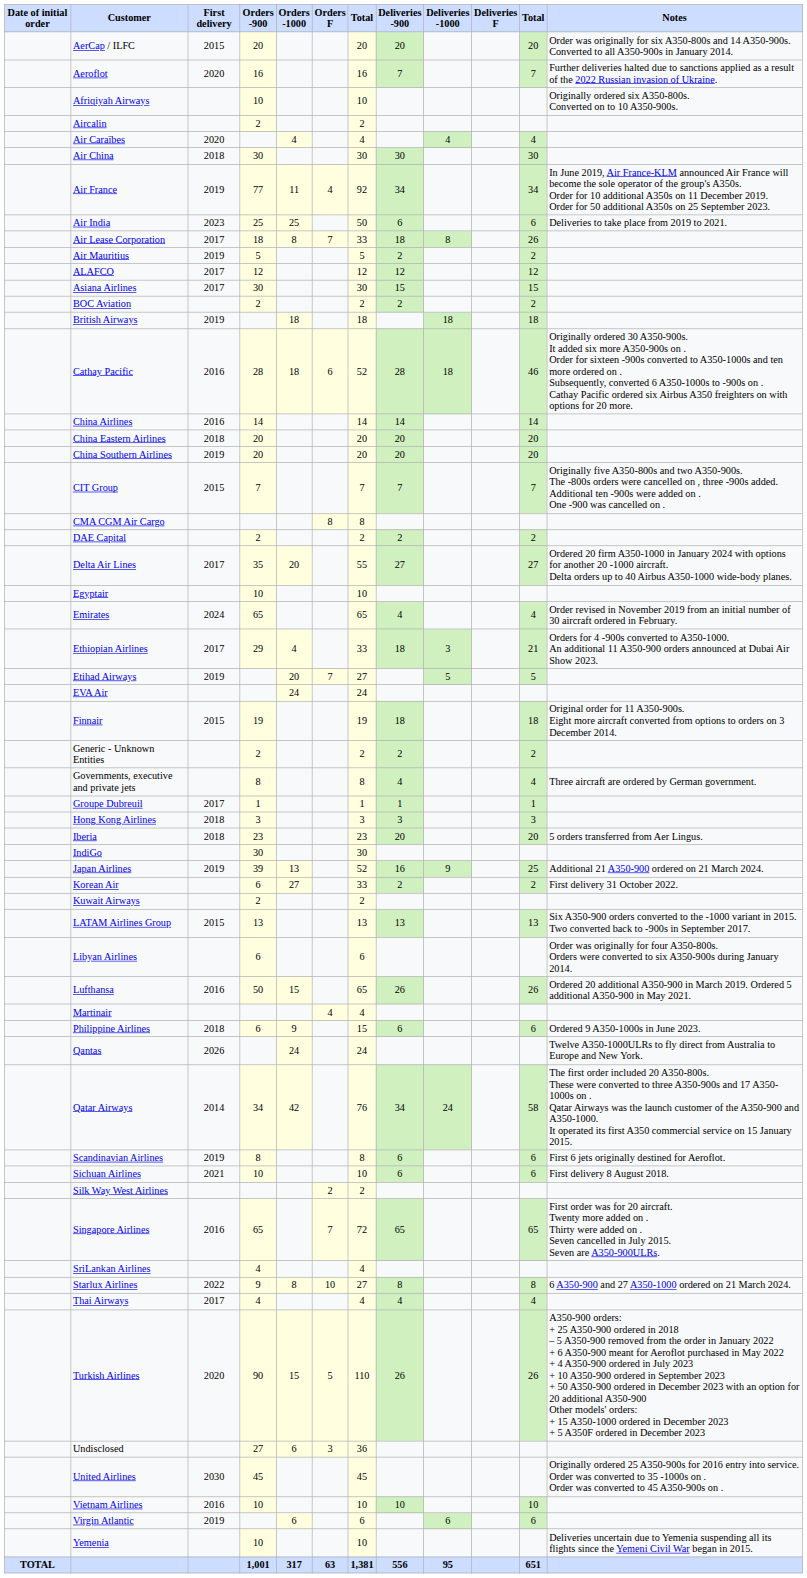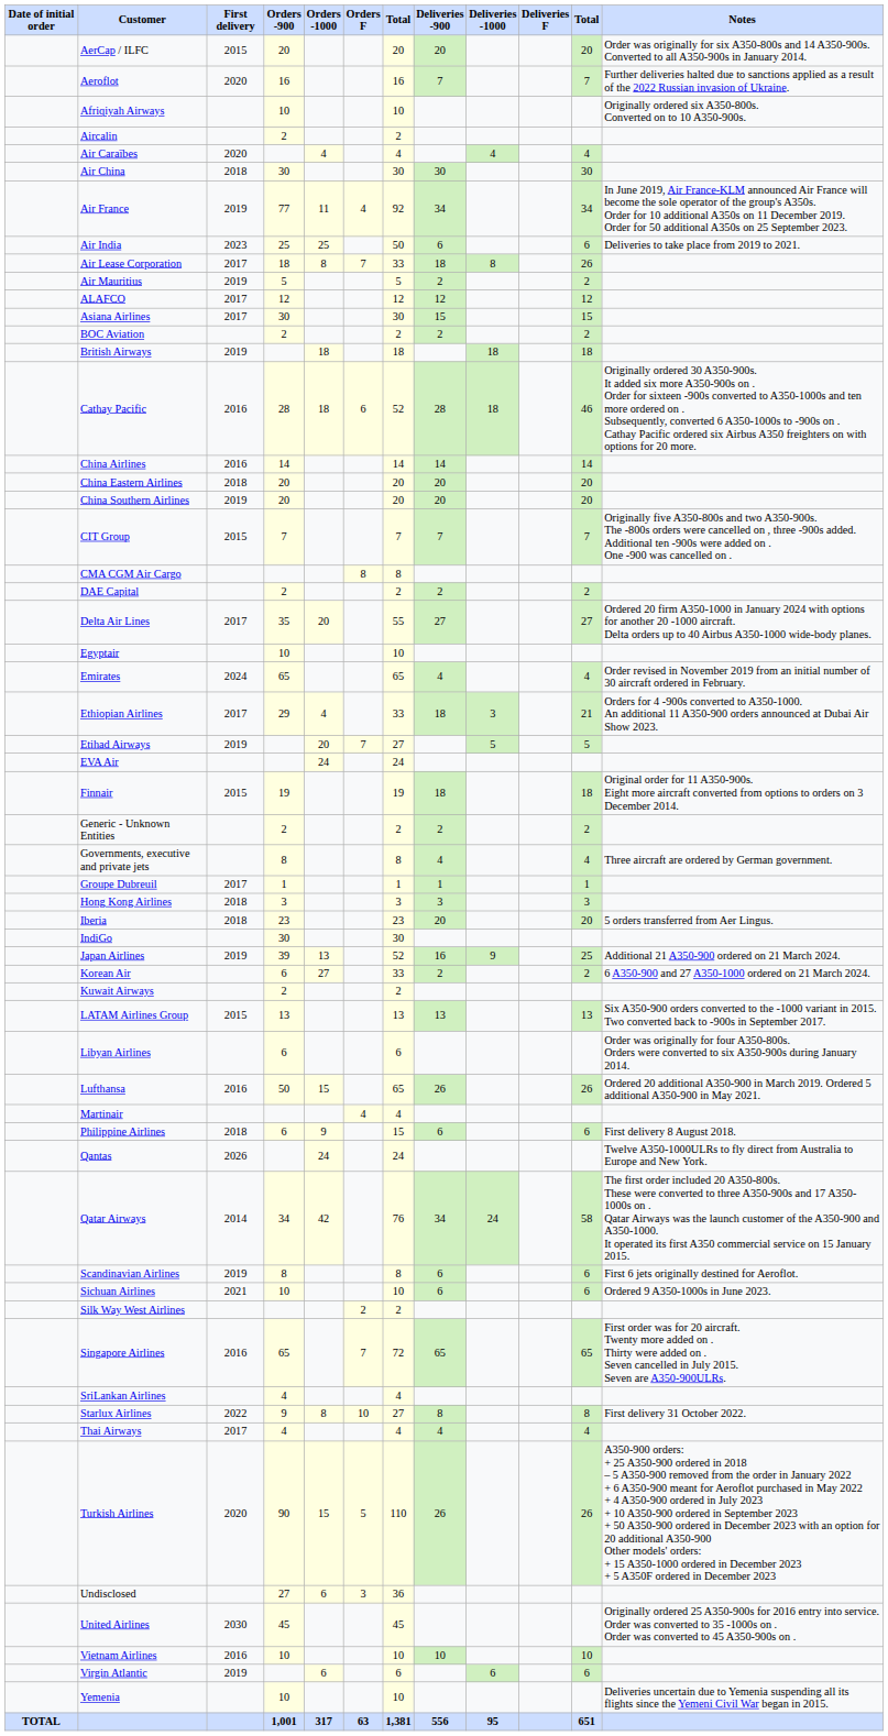 <table class="wikitable sortable sticky-header" style="text-align:center;background:#f8f9faff;">
 <tr>
 <th style="background-color:#ccddff">Date of initial order</th>
 <th style="background-color:#ccddff">Customer</th>
 <th style="background-color:#ccddff">First delivery</th>
 <th style="background-color:#ccddff">Orders<br>-900</th>
 <th style="background-color:#ccddff">Orders<br>-1000</th>
 <th style="background-color:#ccddff">Orders<br>F</th>
 <th style="background-color:#ccddff">Total</th>
 <th style="background-color:#ccddff">Deliveries<br>-900</th>
 <th style="background-color:#ccddff">Deliveries<br>-1000</th>
 <th style="background-color:#ccddff">Deliveries<br>F</th>
 <th style="background-color:#ccddff">Total</th>
 <th style="background-color:#ccddff">Notes</th>
 </tr>
 <tr>
 <td></td>
 <td align="left"><a href='#'>AerCap</a> / ILFC</td>
 <td>2015</td>
 <td style="background:lightyellow;">20</td>
 <td></td>
 <td></td>
 <td style="background:lightyellow;">20</td>
 <td style="background:#d0f0c0;">20</td>
 <td></td>
 <td></td>
 <td style="background:#d0f0c0;">20</td>
 <td align="left">Order was originally for six A350-800s and 14 A350-900s.<br>Converted to all A350-900s in January 2014.</td>
 </tr>
 <tr>
 <td></td>
 <td align="left"><a href='#'>Aeroflot</a></td>
 <td>2020</td>
 <td style="background:lightyellow;">16</td>
 <td></td>
 <td></td>
 <td style="background:lightyellow;">16</td>
 <td style="background:#d0f0c0;">7</td>
 <td></td>
 <td></td>
 <td style="background:#d0f0c0;">7</td>
 <td align="left">Further deliveries halted due to sanctions applied as a result of the <a href='#'>2022 Russian invasion of Ukraine</a>.</td>
 </tr>
 <tr>
 <td></td>
 <td align="left"><a href='#'>Afriqiyah Airways</a></td>
 <td></td>
 <td style="background:lightyellow;">10</td>
 <td></td>
 <td></td>
 <td style="background:lightyellow;">10</td>
 <td></td>
 <td></td>
 <td></td>
 <td></td>
 <td align="left">Originally ordered six A350-800s.<br>Converted on  to 10 A350-900s.</td>
 </tr>
 <tr>
 <td></td>
 <td align="left"><a href='#'>Aircalin</a></td>
 <td></td>
 <td style="background:lightyellow;">2</td>
 <td></td>
 <td></td>
 <td style="background:lightyellow;">2</td>
 <td></td>
 <td></td>
 <td></td>
 <td></td>
 <td></td>
 </tr>
 <tr>
 <td></td>
 <td align="left"><a href='#'>Air Caraïbes</a></td>
 <td>2020</td>
 <td></td>
 <td style="background:lightyellow;">4</td>
 <td></td>
 <td style="background:lightyellow;">4</td>
 <td></td>
 <td style="background:#d0f0c0;">4</td>
 <td></td>
 <td style="background:#d0f0c0;">4</td>
 <td align="left"></td>
 </tr>
 <tr>
 <td></td>
 <td align="left"><a href='#'>Air China</a></td>
 <td>2018</td>
 <td style="background:lightyellow;">30</td>
 <td></td>
 <td></td>
 <td style="background:lightyellow;">30</td>
 <td style="background:#d0f0c0;">30</td>
 <td></td>
 <td></td>
 <td style="background:#d0f0c0;">30</td>
 <td align="left"></td>
 </tr>
 <tr>
 <td></td>
 <td align="left"><a href='#'>Air France</a></td>
 <td>2019</td>
 <td style="background:lightyellow;">77</td>
 <td style="background:lightyellow;">11</td>
 <td style="background:lightyellow;">4</td>
 <td style="background:lightyellow;">92</td>
 <td style="background:#d0f0c0;">34</td>
 <td></td>
 <td></td>
 <td style="background:#d0f0c0;">34</td>
 <td align="left">In June 2019, <a href='#'>Air France-KLM</a> announced Air France will become the sole operator of the group's A350s.<br>Order for 10 additional A350s on 11 December 2019.<br>Order for 50 additional A350s on 25 September 2023.</td>
 </tr>
 <tr>
 <td></td>
 <td align="left"><a href='#'>Air India</a></td>
 <td>2023</td>
 <td style="background:lightyellow;">25</td>
 <td style="background:lightyellow;">25</td>
 <td></td>
 <td style="background:lightyellow;">50</td>
 <td style="background:#d0f0c0;">6</td>
 <td></td>
 <td></td>
 <td style="background:#d0f0c0;">6</td>
 <td align="left">Deliveries to take place from 2019 to 2021.</td>
 </tr>
 <tr>
 <td></td>
 <td align="left"><a href='#'>Air Lease Corporation</a></td>
 <td>2017</td>
 <td style="background:lightyellow;">18</td>
 <td style="background:lightyellow;">8</td>
 <td style="background:lightyellow;">7</td>
 <td style="background:lightyellow;">33</td>
 <td style="background:#d0f0c0;">18</td>
 <td style="background:#d0f0c0;">8</td>
 <td></td>
 <td style="background:#d0f0c0;">26</td>
 <td align="left"></td>
 </tr>
 <tr>
 <td></td>
 <td align="left"><a href='#'>Air Mauritius</a></td>
 <td>2019</td>
 <td style="background:lightyellow;">5</td>
 <td></td>
 <td></td>
 <td style="background:lightyellow;">5</td>
 <td style="background:#d0f0c0;">2</td>
 <td></td>
 <td></td>
 <td style="background:#d0f0c0;">2</td>
 <td align="left"></td>
 </tr>
 <tr>
 <td></td>
 <td align="left"><a href='#'>ALAFCO</a></td>
 <td>2017</td>
 <td style="background:lightyellow;">12</td>
 <td></td>
 <td></td>
 <td style="background:lightyellow;">12</td>
 <td style="background:#d0f0c0;">12</td>
 <td></td>
 <td></td>
 <td style="background:#d0f0c0;">12</td>
 <td align="left"></td>
 </tr>
 <tr>
 <td></td>
 <td align="left"><a href='#'>Asiana Airlines</a></td>
 <td>2017</td>
 <td style="background:lightyellow;">30</td>
 <td></td>
 <td></td>
 <td style="background:lightyellow;">30</td>
 <td style="background:#d0f0c0;">15</td>
 <td></td>
 <td></td>
 <td style="background:#d0f0c0;">15</td>
 <td align="left"></td>
 </tr>
 <tr>
 <td></td>
 <td align="left"><a href='#'>BOC Aviation</a></td>
 <td></td>
 <td style="background:lightyellow;">2</td>
 <td></td>
 <td></td>
 <td style="background:lightyellow;">2</td>
 <td style="background:#d0f0c0;">2</td>
 <td></td>
 <td></td>
 <td style="background:#d0f0c0;">2</td>
 <td align="left"></td>
 </tr>
 <tr>
 <td></td>
 <td align="left"><a href='#'>British Airways</a></td>
 <td>2019</td>
 <td></td>
 <td style="background:lightyellow;">18</td>
 <td></td>
 <td style="background:lightyellow;">18</td>
 <td></td>
 <td style="background:#d0f0c0;">18</td>
 <td></td>
 <td style="background:#d0f0c0;">18</td>
 <td align="left"></td>
 </tr>
 <tr>
 <td></td>
 <td align="left"><a href='#'>Cathay Pacific</a></td>
 <td>2016</td>
 <td style="background:lightyellow;">28</td>
 <td style="background:lightyellow;">18</td>
 <td style="background:lightyellow;">6</td>
 <td style="background:lightyellow;">52</td>
 <td style="background:#d0f0c0;">28</td>
 <td style="background:#d0f0c0;">18</td>
 <td></td>
 <td style="background:#d0f0c0;">46</td>
 <td align="left">Originally ordered 30 A350-900s.<br>It added six more A350-900s on .<br>Order for sixteen -900s converted to A350-1000s and ten more ordered on .<br>Subsequently, converted 6 A350-1000s to -900s on .<br>Cathay Pacific ordered six Airbus A350 freighters on  with options for 20 more.</td>
 </tr>
 <tr>
 <td></td>
 <td align="left"><a href='#'>China Airlines</a></td>
 <td>2016</td>
 <td style="background:lightyellow;">14</td>
 <td></td>
 <td></td>
 <td style="background:lightyellow;">14</td>
 <td style="background:#d0f0c0;">14</td>
 <td></td>
 <td></td>
 <td style="background:#d0f0c0;">14</td>
 <td align="left"></td>
 </tr>
 <tr>
 <td></td>
 <td align="left"><a href='#'>China Eastern Airlines</a></td>
 <td>2018</td>
 <td style="background:lightyellow;">20</td>
 <td></td>
 <td></td>
 <td style="background:lightyellow;">20</td>
 <td style="background:#d0f0c0;">20</td>
 <td></td>
 <td></td>
 <td style="background:#d0f0c0;">20</td>
 <td align="left"></td>
 </tr>
 <tr>
 <td></td>
 <td align="left"><a href='#'>China Southern Airlines</a></td>
 <td>2019</td>
 <td style="background:lightyellow;">20</td>
 <td></td>
 <td></td>
 <td style="background:lightyellow;">20</td>
 <td style="background:#d0f0c0;">20</td>
 <td></td>
 <td></td>
 <td style="background:#d0f0c0;">20</td>
 <td align="left"></td>
 </tr>
 <tr>
 <td></td>
 <td align="left"><a href='#'>CIT Group</a></td>
 <td>2015</td>
 <td style="background:lightyellow;">7</td>
 <td></td>
 <td></td>
 <td style="background:lightyellow;">7</td>
 <td style="background:#d0f0c0;">7</td>
 <td></td>
 <td></td>
 <td style="background:#d0f0c0;">7</td>
 <td align="left">Originally five A350-800s and two A350-900s.<br>The -800s orders were cancelled on , three -900s added.<br>Additional ten -900s were added on .<br>One -900 was cancelled on .</td>
 </tr>
 <tr>
 <td></td>
 <td align="left"><a href='#'>CMA CGM Air Cargo</a></td>
 <td></td>
 <td></td>
 <td></td>
 <td style="background:lightyellow;">8</td>
 <td style="background:lightyellow;">8</td>
 <td></td>
 <td></td>
 <td></td>
 <td></td>
 <td align="left"></td>
 </tr>
 <tr>
 <td></td>
 <td align="left"><a href='#'>DAE Capital</a></td>
 <td></td>
 <td style="background:lightyellow;">2</td>
 <td></td>
 <td></td>
 <td style="background:lightyellow;">2</td>
 <td style="background:#d0f0c0;">2</td>
 <td></td>
 <td></td>
 <td style="background:#d0f0c0;">2</td>
 <td align="left"></td>
 </tr>
 <tr>
 <td></td>
 <td align="left"><a href='#'>Delta Air Lines</a></td>
 <td>2017</td>
 <td style="background:lightyellow;">35</td>
 <td of style="background:lightyellow;">20</td>
 <td></td>
 <td style="background:lightyellow;">55</td>
 <td style="background:#d0f0c0;">27</td>
 <td></td>
 <td></td>
 <td style="background:#d0f0c0;">27</td>
 <td align="left">Ordered 20 firm A350-1000 in January 2024 with options for another 20 -1000 aircraft.<br>Delta orders up to 40 Airbus A350-1000 wide-body planes.</td>
 </tr>
 <tr>
 <td></td>
 <td align="left"><a href='#'>Egyptair</a></td>
 <td></td>
 <td style="background:lightyellow;">10</td>
 <td></td>
 <td></td>
 <td style="background:lightyellow;">10</td>
 <td></td>
 <td></td>
 <td></td>
 <td></td>
 <td></td>
 </tr>
 <tr>
 <td></td>
 <td align="left"><a href='#'>Emirates</a></td>
 <td>2024</td>
 <td style="background:lightyellow;">65</td>
 <td></td>
 <td></td>
 <td style="background:lightyellow;">65</td>
 <td style="background:#d0f0c0;">4</td>
 <td></td>
 <td></td>
 <td style="background:#d0f0c0;">4</td>
 <td align="left">Order revised in November 2019 from an initial number of 30 aircraft ordered in February.</td>
 </tr>
 <tr>
 <td></td>
 <td align="left"><a href='#'>Ethiopian Airlines</a></td>
 <td>2017</td>
 <td style="background:lightyellow;">29</td>
 <td style="background:lightyellow;">4</td>
 <td></td>
 <td style="background:lightyellow;">33</td>
 <td style="background:#d0f0c0;">18</td>
 <td style="background:#d0f0c0;">3</td>
 <td></td>
 <td style="background:#d0f0c0;">21</td>
 <td align="left">Orders for 4 -900s converted to A350-1000.<br>An additional 11 A350-900 orders announced at Dubai Air Show 2023.</td>
 </tr>
 <tr>
 <td></td>
 <td align="left"><a href='#'>Etihad Airways</a></td>
 <td>2019</td>
 <td></td>
 <td style="background:lightyellow;">20</td>
 <td style="background:lightyellow;">7</td>
 <td style="background:lightyellow;">27</td>
 <td></td>
 <td style="background:#d0f0c0;">5</td>
 <td></td>
 <td style="background:#d0f0c0;">5</td>
 <td align="left"></td>
 </tr>
 <tr>
 <td></td>
 <td align="left"><a href='#'>EVA Air</a></td>
 <td></td>
 <td></td>
 <td style="background:lightyellow;">24</td>
 <td></td>
 <td style="background:lightyellow;">24</td>
 <td></td>
 <td></td>
 <td></td>
 <td></td>
 <td></td>
 </tr>
 <tr>
 <td></td>
 <td align="left"><a href='#'>Finnair</a></td>
 <td>2015</td>
 <td style="background:lightyellow;">19</td>
 <td></td>
 <td></td>
 <td style="background:lightyellow;">19</td>
 <td style="background:#d0f0c0;">18</td>
 <td></td>
 <td></td>
 <td style="background:#d0f0c0;">18</td>
 <td align="left">Original order for 11 A350-900s.<br>Eight more aircraft converted from options to orders on 3 December 2014.</td>
 </tr>
 <tr>
 <td></td>
 <td align="left">Generic - Unknown Entities</td>
 <td></td>
 <td style="background:lightyellow;">2</td>
 <td></td>
 <td></td>
 <td style="background:lightyellow;">2</td>
 <td style="background:#d0f0c0;">2</td>
 <td></td>
 <td></td>
 <td style="background:#d0f0c0;">2</td>
 <td></td>
 </tr>
 <tr>
 <td></td>
 <td align="left">Governments, executive and private jets</td>
 <td></td>
 <td style="background:lightyellow;">8</td>
 <td></td>
 <td></td>
 <td style="background:lightyellow;">8</td>
 <td style="background:#d0f0c0;">4</td>
 <td></td>
 <td></td>
 <td style="background:#d0f0c0;">4</td>
 <td align="left">Three aircraft are ordered by German government.</td>
 </tr>
 <tr>
 <td></td>
 <td align="left"><a href='#'>Groupe Dubreuil</a></td>
 <td>2017</td>
 <td style="background:lightyellow;">1</td>
 <td></td>
 <td></td>
 <td style="background:lightyellow;">1</td>
 <td style="background:#d0f0c0;">1</td>
 <td></td>
 <td></td>
 <td style="background:#d0f0c0;">1</td>
 <td align="left"></td>
 </tr>
 <tr>
 <td></td>
 <td align="left"><a href='#'>Hong Kong Airlines</a></td>
 <td>2018</td>
 <td style="background:lightyellow;">3</td>
 <td></td>
 <td></td>
 <td style="background:lightyellow;">3</td>
 <td style="background:#d0f0c0;">3</td>
 <td></td>
 <td></td>
 <td style="background:#d0f0c0;">3</td>
 <td align="left"></td>
 </tr>
 <tr>
 <td></td>
 <td align="left"><a href='#'>Iberia</a></td>
 <td>2018</td>
 <td style="background:lightyellow;">23</td>
 <td></td>
 <td></td>
 <td style="background:lightyellow;">23</td>
 <td style="background:#d0f0c0;">20</td>
 <td></td>
 <td></td>
 <td style="background:#d0f0c0;">20</td>
 <td align="left">5 orders transferred from Aer Lingus.</td>
 </tr>
 <tr>
 <td></td>
 <td align="left"><a href='#'>IndiGo</a></td>
 <td></td>
 <td style="background:lightyellow;">30</td>
 <td></td>
 <td></td>
 <td style="background:lightyellow;">30</td>
 <td></td>
 <td></td>
 <td></td>
 <td></td>
 <td></td>
 </tr>
 <tr>
 <td></td>
 <td align="left"><a href='#'>Japan Airlines</a></td>
 <td>2019</td>
 <td style="background:lightyellow;">39</td>
 <td style="background:lightyellow;">13</td>
 <td></td>
 <td style="background:lightyellow;">52</td>
 <td style="background:#d0f0c0;">16</td>
 <td style="background:#d0f0c0;">9</td>
 <td></td>
 <td style="background:#d0f0c0;">25</td>
 <td align="left">Additional 21 <a href='#'>A350-900</a> ordered on 21 March 2024.</td>
 </tr>
 <tr>
 <td></td>
 <td align="left"><a href='#'>Korean Air</a></td>
 <td></td>
 <td style="background:lightyellow;">6</td>
 <td style="background:lightyellow;">27</td>
 <td></td>
 <td style="background:lightyellow;">33</td>
 <td style="background:#d0f0c0;">2</td>
 <td></td>
 <td></td>
 <td style="background:#d0f0c0;">2</td>
-<td align="left">First delivery 31 October 2022.</td>
+<td align="left">6 <a href='#'>A350-900</a> and 27 <a href='#'>A350-1000</a> ordered on 21 March 2024.</td>
 </tr>
 <tr>
 <td></td>
 <td align="left"><a href='#'>Kuwait Airways</a></td>
 <td></td>
 <td style="background:lightyellow;">2</td>
 <td></td>
 <td></td>
 <td style="background:lightyellow;">2</td>
 <td></td>
 <td></td>
 <td></td>
 <td></td>
 <td align="left"></td>
 </tr>
 <tr>
 <td></td>
 <td align="left"><a href='#'>LATAM Airlines Group</a></td>
 <td>2015</td>
 <td style="background:lightyellow;">13</td>
 <td></td>
 <td></td>
 <td style="background:lightyellow;">13</td>
 <td style="background:#d0f0c0;">13</td>
 <td></td>
 <td></td>
 <td style="background:#d0f0c0;">13</td>
 <td align="left">Six A350-900 orders converted to the -1000 variant in 2015.<br>Two converted back to -900s in September 2017.</td>
 </tr>
 <tr>
 <td></td>
 <td align="left"><a href='#'>Libyan Airlines</a></td>
 <td></td>
 <td style="background:lightyellow;">6</td>
 <td></td>
 <td></td>
 <td style="background:lightyellow;">6</td>
 <td></td>
 <td></td>
 <td></td>
 <td></td>
 <td align="left">Order was originally for four A350-800s.<br>Orders were converted to six A350-900s during January 2014.</td>
 </tr>
 <tr>
 <td></td>
 <td align="left"><a href='#'>Lufthansa</a></td>
 <td>2016</td>
 <td style="background:lightyellow;">50</td>
 <td style="background:lightyellow;">15</td>
 <td></td>
 <td style="background:lightyellow;">65</td>
 <td style="background:#d0f0c0;">26</td>
 <td></td>
 <td></td>
 <td style="background:#d0f0c0;">26</td>
 <td align="left">Ordered 20 additional A350-900 in March 2019. Ordered 5 additional A350-900 in May 2021.</td>
 </tr>
 <tr>
 <td></td>
 <td align="left"><a href='#'>Martinair</a></td>
 <td></td>
 <td></td>
 <td></td>
 <td style="background:lightyellow;">4</td>
 <td style="background:lightyellow;">4</td>
 <td></td>
 <td></td>
 <td></td>
 <td></td>
 <td align="left"></td>
 </tr>
 <tr>
 <td></td>
 <td align="left"><a href='#'>Philippine Airlines</a></td>
 <td>2018</td>
 <td style="background:lightyellow;">6</td>
 <td style="background:lightyellow;">9</td>
 <td></td>
 <td style="background:lightyellow;">15</td>
 <td style="background:#d0f0c0;">6</td>
 <td></td>
 <td></td>
 <td style="background:#d0f0c0;">6</td>
-<td align="left">Ordered 9 A350-1000s in June 2023.</td>
+<td align="left">First delivery 8 August 2018.</td>
 </tr>
 <tr>
 <td></td>
 <td align="left"><a href='#'>Qantas</a></td>
 <td>2026</td>
 <td></td>
 <td style="background:lightyellow;">24</td>
 <td></td>
 <td style="background:lightyellow;">24</td>
 <td></td>
 <td></td>
 <td></td>
 <td></td>
 <td align="left">Twelve A350-1000ULRs to fly direct from Australia to Europe and New York.</td>
 </tr>
 <tr>
 <td></td>
 <td align="left"><a href='#'>Qatar Airways</a></td>
 <td>2014</td>
 <td style="background:lightyellow;">34</td>
 <td style="background:lightyellow;">42</td>
 <td></td>
 <td style="background:lightyellow;">76</td>
 <td style="background:#d0f0c0;">34</td>
 <td style="background:#d0f0c0;">24</td>
 <td></td>
 <td style="background:#d0f0c0;">58</td>
 <td align="left">The first order included 20 A350-800s.<br>These were converted to three A350-900s and 17 A350-1000s on .<br>Qatar Airways was the launch customer of the A350-900 and A350-1000.<br>It operated its first A350 commercial service on 15 January 2015.</td>
 </tr>
 <tr>
 <td></td>
 <td align="left"><a href='#'>Scandinavian Airlines</a></td>
 <td>2019</td>
 <td style="background:lightyellow;">8</td>
 <td></td>
 <td></td>
 <td style="background:lightyellow;">8</td>
 <td style="background:#d0f0c0;">6</td>
 <td></td>
 <td></td>
 <td style="background:#d0f0c0;">6</td>
 <td align="left">First 6 jets originally destined for Aeroflot.</td>
 </tr>
 <tr>
 <td></td>
 <td align="left"><a href='#'>Sichuan Airlines</a></td>
 <td>2021</td>
 <td style="background:lightyellow;">10</td>
 <td></td>
 <td></td>
 <td style="background:lightyellow;">10</td>
 <td style="background:#d0f0c0;">6</td>
 <td></td>
 <td></td>
 <td style="background:#d0f0c0;">6</td>
-<td align="left">First delivery 8 August 2018.</td>
+<td align="left">Ordered 9 A350-1000s in June 2023.</td>
 </tr>
 <tr>
 <td></td>
 <td align="left"><a href='#'>Silk Way West Airlines</a></td>
 <td></td>
 <td></td>
 <td></td>
 <td style="background:lightyellow;">2</td>
 <td style="background:lightyellow;">2</td>
 <td></td>
 <td></td>
 <td></td>
 <td></td>
 <td align="left"></td>
 </tr>
 <tr>
 <td></td>
 <td align="left"><a href='#'>Singapore Airlines</a></td>
 <td>2016</td>
 <td style="background:lightyellow;">65</td>
 <td></td>
 <td style="background:lightyellow;">7</td>
 <td style="background:lightyellow;">72</td>
 <td style="background:#d0f0c0;">65</td>
 <td></td>
 <td></td>
 <td style="background:#d0f0c0;">65</td>
 <td align="left">First order was for 20 aircraft.<br>Twenty more added on .<br>Thirty were added on .<br>Seven cancelled in July 2015.<br>Seven are <a href='#'>A350-900ULRs</a>.</td>
 </tr>
 <tr>
 <td></td>
 <td align="left"><a href='#'>SriLankan Airlines</a></td>
 <td></td>
 <td style="background:lightyellow;">4</td>
 <td></td>
 <td></td>
 <td style="background:lightyellow;">4</td>
 <td></td>
 <td></td>
 <td></td>
 <td></td>
 <td align="left"></td>
 </tr>
 <tr>
 <td></td>
 <td align="left"><a href='#'>Starlux Airlines</a></td>
 <td>2022</td>
 <td style="background:lightyellow;">9</td>
 <td style="background:lightyellow;">8</td>
 <td style="background:lightyellow;">10</td>
 <td style="background:lightyellow;">27</td>
 <td style="background:#d0f0c0;">8</td>
 <td></td>
 <td></td>
 <td style="background:#d0f0c0;">8</td>
-<td align="left">6 <a href='#'>A350-900</a> and 27 <a href='#'>A350-1000</a> ordered on 21 March 2024.</td>
+<td align="left">First delivery 31 October 2022.</td>
 </tr>
 <tr>
 <td></td>
 <td align="left"><a href='#'>Thai Airways</a></td>
 <td>2017</td>
 <td style="background:lightyellow;">4</td>
 <td></td>
 <td></td>
 <td style="background:lightyellow;">4</td>
 <td style="background:#d0f0c0;">4</td>
 <td></td>
 <td></td>
 <td style="background:#d0f0c0;">4</td>
 <td align="left"></td>
 </tr>
 <tr>
 <td></td>
 <td align="left"><a href='#'>Turkish Airlines</a></td>
 <td>2020</td>
 <td style="background:lightyellow;">90</td>
 <td style="background:lightyellow;">15</td>
 <td style="background:lightyellow;">5</td>
 <td style="background:lightyellow;">110</td>
 <td style="background:#d0f0c0;">26</td>
 <td></td>
 <td></td>
 <td style="background:#d0f0c0;">26</td>
 <td align="left">A350-900 orders:<br>+ 25 A350-900 ordered in 2018<br>– 5 A350-900 removed from the order in January 2022<br>+ 6 A350-900 meant for Aeroflot purchased in May 2022<br>+ 4 A350-900 ordered in July 2023<br>+ 10 A350-900 ordered in September 2023<br>+ 50 A350-900 ordered in December 2023 with an option for 20 additional A350-900<br>Other models' orders:<br>+ 15 A350-1000 ordered in December 2023<br>+ 5 A350F ordered in December 2023</td>
 </tr>
 <tr>
 <td></td>
 <td align="left">Undisclosed</td>
 <td></td>
 <td style="background:lightyellow;">27</td>
 <td style="background:lightyellow;">6</td>
 <td style="background:lightyellow;">3</td>
 <td style="background:lightyellow;">36</td>
 <td></td>
 <td></td>
 <td></td>
 <td></td>
 <td align="left"></td>
 </tr>
 <tr>
 <td></td>
 <td align="left"><a href='#'>United Airlines</a></td>
 <td>2030</td>
 <td style="background:lightyellow;">45</td>
 <td></td>
 <td></td>
 <td style="background:lightyellow;">45</td>
 <td></td>
 <td></td>
 <td></td>
 <td></td>
 <td align="left">Originally ordered 25 A350-900s for 2016 entry into service.<br>Order was converted to 35 -1000s on .<br>Order was converted to 45 A350-900s on .</td>
 </tr>
 <tr>
 <td></td>
 <td align="left"><a href='#'>Vietnam Airlines</a></td>
 <td>2016</td>
 <td style="background:lightyellow;">10</td>
 <td></td>
 <td></td>
 <td style="background:lightyellow;">10</td>
 <td style="background:#d0f0c0;">10</td>
 <td></td>
 <td></td>
 <td style="background:#d0f0c0;">10</td>
 <td align="left"></td>
 </tr>
 <tr>
 <td></td>
 <td align="left"><a href='#'>Virgin Atlantic</a></td>
 <td>2019</td>
 <td></td>
 <td style="background:lightyellow;">6</td>
 <td></td>
 <td style="background:lightyellow;">6</td>
 <td></td>
 <td style="background:#d0f0c0;">6</td>
 <td></td>
 <td style="background:#d0f0c0;">6</td>
 <td align="left"></td>
 </tr>
 <tr>
 <td></td>
 <td align="left"><a href='#'>Yemenia</a></td>
 <td></td>
 <td style="background:lightyellow;">10</td>
 <td></td>
 <td></td>
 <td style="background:lightyellow;">10</td>
 <td></td>
 <td></td>
 <td></td>
 <td></td>
 <td align="left">Deliveries uncertain due to Yemenia suspending all its flights since the <a href='#'>Yemeni Civil War</a> began in 2015.</td>
 </tr>
 <tr class="sortbottom" style="font-weight:bold; background-color:#ccddff">
 <td>TOTAL</td>
 <td></td>
 <td></td>
 <td>1,001</td>
 <td>317</td>
 <td>63</td>
 <td>1,381</td>
 <td>556</td>
 <td>95</td>
 <td></td>
 <td>651</td>
 <td></td>
 </tr>
 </table>
